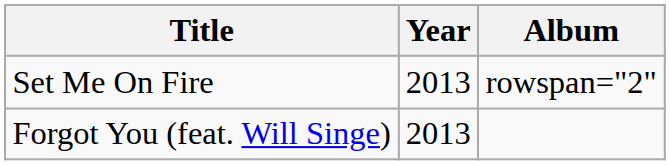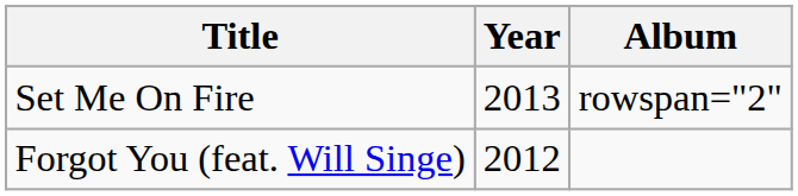 <table class="wikitable">
 <tr>
 <th>Title</th>
 <th>Year</th>
 <th>Album</th>
 </tr>
 <tr>
 <td>Set Me On Fire</td>
 <td>2013</td>
 <td>rowspan="2" </td>
 </tr>
 <tr>
 <td>Forgot You (feat. <a href='#'>Will Singe</a>)</td>
-<td>2013</td>
+<td>2012</td>
 </tr>
 </table>
